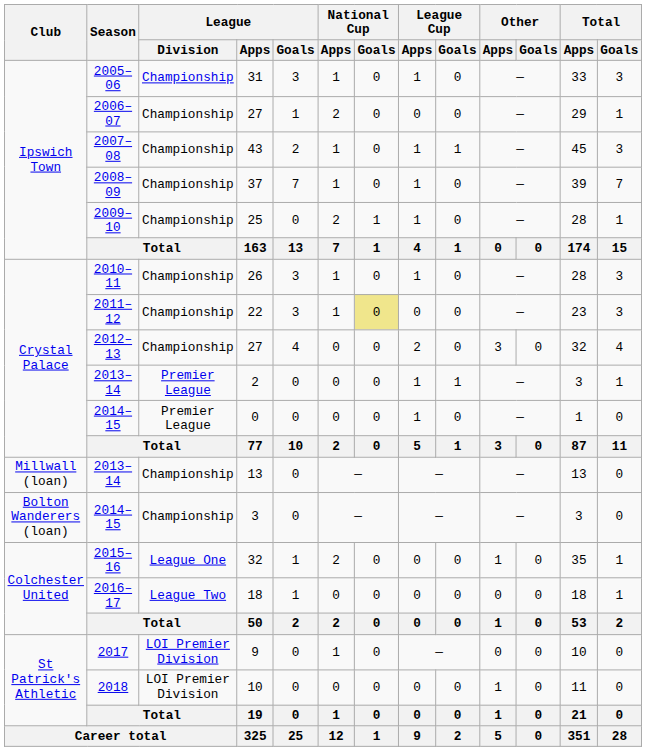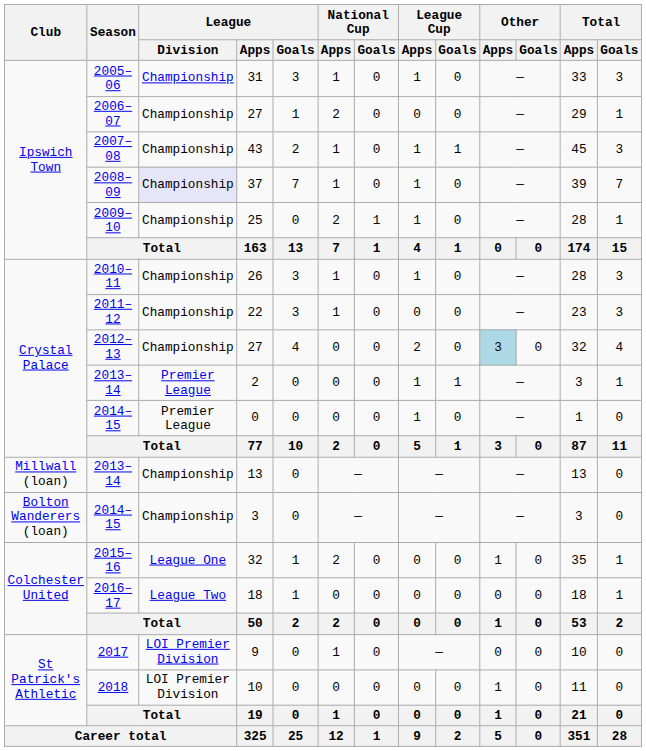 <table class=wikitable style="text-align: center;">
 <tr>
 <th rowspan="2">Club</th>
 <th rowspan="2">Season</th>
 <th colspan="3">League</th>
 <th colspan="2">National Cup</th>
 <th colspan="2">League Cup</th>
 <th colspan="2">Other</th>
 <th colspan="2">Total</th>
 </tr>
 <tr>
 <th>Division</th>
 <th>Apps</th>
 <th>Goals</th>
 <th>Apps</th>
 <th>Goals</th>
 <th>Apps</th>
 <th>Goals</th>
 <th>Apps</th>
 <th>Goals</th>
 <th>Apps</th>
 <th>Goals</th>
 </tr>
 <tr>
 <td rowspan="6"><a href='#'>Ipswich Town</a></td>
 <td><a href='#'>2005–06</a></td>
 <td><a href='#'>Championship</a></td>
 <td>31</td>
 <td>3</td>
 <td>1</td>
 <td>0</td>
 <td>1</td>
 <td>0</td>
 <td colspan="2">—</td>
 <td>33</td>
 <td>3</td>
 </tr>
 <tr>
 <td><a href='#'>2006–07</a></td>
 <td>Championship</td>
 <td>27</td>
 <td>1</td>
 <td>2</td>
 <td>0</td>
 <td>0</td>
 <td>0</td>
 <td colspan="2">—</td>
 <td>29</td>
 <td>1</td>
 </tr>
 <tr>
 <td><a href='#'>2007–08</a></td>
 <td>Championship</td>
 <td>43</td>
 <td>2</td>
 <td>1</td>
 <td>0</td>
 <td>1</td>
 <td>1</td>
 <td colspan="2">—</td>
 <td>45</td>
 <td>3</td>
 </tr>
 <tr>
 <td><a href='#'>2008–09</a></td>
-<td>Championship</td>
+<td style="background: lavender;">Championship</td>
 <td>37</td>
 <td>7</td>
 <td>1</td>
 <td>0</td>
 <td>1</td>
 <td>0</td>
 <td colspan="2">—</td>
 <td>39</td>
 <td>7</td>
 </tr>
 <tr>
 <td><a href='#'>2009–10</a></td>
 <td>Championship</td>
 <td>25</td>
 <td>0</td>
 <td>2</td>
 <td>1</td>
 <td>1</td>
 <td>0</td>
 <td colspan="2">—</td>
 <td>28</td>
 <td>1</td>
 </tr>
 <tr>
 <th colspan="2">Total</th>
 <th>163</th>
 <th>13</th>
 <th>7</th>
 <th>1</th>
 <th>4</th>
 <th>1</th>
 <th>0</th>
 <th>0</th>
 <th>174</th>
 <th>15</th>
 </tr>
 <tr>
 <td rowspan="6"><a href='#'>Crystal Palace</a></td>
 <td><a href='#'>2010–11</a></td>
 <td>Championship</td>
 <td>26</td>
 <td>3</td>
 <td>1</td>
 <td>0</td>
 <td>1</td>
 <td>0</td>
 <td colspan="2">—</td>
 <td>28</td>
 <td>3</td>
 </tr>
 <tr>
 <td><a href='#'>2011–12</a></td>
 <td>Championship</td>
 <td>22</td>
 <td>3</td>
 <td>1</td>
-<td style="background: khaki;">0</td>
+<td>0</td>
 <td>0</td>
 <td>0</td>
 <td colspan="2">—</td>
 <td>23</td>
 <td>3</td>
 </tr>
 <tr>
 <td><a href='#'>2012–13</a></td>
 <td>Championship</td>
 <td>27</td>
 <td>4</td>
 <td>0</td>
 <td>0</td>
 <td>2</td>
 <td>0</td>
-<td>3</td>
+<td style="background: lightblue;">3</td>
 <td>0</td>
 <td>32</td>
 <td>4</td>
 </tr>
 <tr>
 <td><a href='#'>2013–14</a></td>
 <td><a href='#'>Premier League</a></td>
 <td>2</td>
 <td>0</td>
 <td>0</td>
 <td>0</td>
 <td>1</td>
 <td>1</td>
 <td colspan="2">—</td>
 <td>3</td>
 <td>1</td>
 </tr>
 <tr>
 <td><a href='#'>2014–15</a></td>
 <td>Premier League</td>
 <td>0</td>
 <td>0</td>
 <td>0</td>
 <td>0</td>
 <td>1</td>
 <td>0</td>
 <td colspan="2">—</td>
 <td>1</td>
 <td>0</td>
 </tr>
 <tr>
 <th colspan="2">Total</th>
 <th>77</th>
 <th>10</th>
 <th>2</th>
 <th>0</th>
 <th>5</th>
 <th>1</th>
 <th>3</th>
 <th>0</th>
 <th>87</th>
 <th>11</th>
 </tr>
 <tr>
 <td><a href='#'>Millwall</a> (loan)</td>
 <td><a href='#'>2013–14</a></td>
 <td>Championship</td>
 <td>13</td>
 <td>0</td>
 <td colspan="2">—</td>
 <td colspan="2">—</td>
 <td colspan="2">—</td>
 <td>13</td>
 <td>0</td>
 </tr>
 <tr>
 <td><a href='#'>Bolton Wanderers</a> (loan)</td>
 <td><a href='#'>2014–15</a></td>
 <td>Championship</td>
 <td>3</td>
 <td>0</td>
 <td colspan="2">—</td>
 <td colspan="2">—</td>
 <td colspan="2">—</td>
 <td>3</td>
 <td>0</td>
 </tr>
 <tr>
 <td rowspan="3"><a href='#'>Colchester United</a></td>
 <td><a href='#'>2015–16</a></td>
 <td><a href='#'>League One</a></td>
 <td>32</td>
 <td>1</td>
 <td>2</td>
 <td>0</td>
 <td>0</td>
 <td>0</td>
 <td>1</td>
 <td>0</td>
 <td>35</td>
 <td>1</td>
 </tr>
 <tr>
 <td><a href='#'>2016–17</a></td>
 <td><a href='#'>League Two</a></td>
 <td>18</td>
 <td>1</td>
 <td>0</td>
 <td>0</td>
 <td>0</td>
 <td>0</td>
 <td>0</td>
 <td>0</td>
 <td>18</td>
 <td>1</td>
 </tr>
 <tr>
 <th colspan=2>Total</th>
 <th>50</th>
 <th>2</th>
 <th>2</th>
 <th>0</th>
 <th>0</th>
 <th>0</th>
 <th>1</th>
 <th>0</th>
 <th>53</th>
 <th>2</th>
 </tr>
 <tr>
 <td rowspan="3"><a href='#'>St Patrick's Athletic</a></td>
 <td><a href='#'>2017</a></td>
 <td><a href='#'>LOI Premier Division</a></td>
 <td>9</td>
 <td>0</td>
 <td>1</td>
 <td>0</td>
 <td colspan="2">—</td>
 <td>0</td>
 <td>0</td>
 <td>10</td>
 <td>0</td>
 </tr>
 <tr>
 <td><a href='#'>2018</a></td>
 <td>LOI Premier Division</td>
 <td>10</td>
 <td>0</td>
 <td>0</td>
 <td>0</td>
 <td>0</td>
 <td>0</td>
 <td>1</td>
 <td>0</td>
 <td>11</td>
 <td>0</td>
 </tr>
 <tr>
 <th colspan="2">Total</th>
 <th>19</th>
 <th>0</th>
 <th>1</th>
 <th>0</th>
 <th>0</th>
 <th>0</th>
 <th>1</th>
 <th>0</th>
 <th>21</th>
 <th>0</th>
 </tr>
 <tr>
 <th colspan="3">Career total</th>
 <th>325</th>
 <th>25</th>
 <th>12</th>
 <th>1</th>
 <th>9</th>
 <th>2</th>
 <th>5</th>
 <th>0</th>
 <th>351</th>
 <th>28</th>
 </tr>
 </table>
